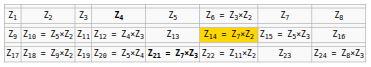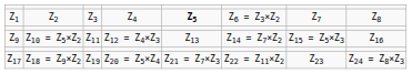 <table class="wikitable">
 <tr align=center>
 <td></td>
 <td></td>
 <td></td>
 <td></td>
 <td></td>
 <td></td>
 <td></td>
 <td></td>
 </tr>
 <tr align=center>
 <td>Z<sub>1</sub></td>
 <td>Z<sub>2</sub></td>
 <td>Z<sub>3</sub></td>
-<td><strong>Z<sub>4</sub></strong></td>
-<td>Z<sub>5</sub></td>
+<td>Z<sub>4</sub></td>
+<td><strong>Z<sub>5</sub></strong></td>
 <td>Z<sub>6</sub> = Z<sub>3</sub>×Z<sub>2</sub></td>
 <td>Z<sub>7</sub></td>
 <td>Z<sub>8</sub></td>
 </tr>
 <tr align=center>
 <td></td>
 <td></td>
 <td></td>
 <td></td>
 <td></td>
 <td></td>
 <td></td>
 <td></td>
 </tr>
 <tr align=center>
 <td>Z<sub>9</sub></td>
 <td>Z<sub>10</sub> = Z<sub>5</sub>×Z<sub>2</sub></td>
 <td>Z<sub>11</sub></td>
 <td>Z<sub>12</sub> = Z<sub>4</sub>×Z<sub>3</sub></td>
 <td>Z<sub>13</sub></td>
-<td style="background: gold;">Z<sub>14</sub> = Z<sub>7</sub>×Z<sub>2</sub></td>
+<td>Z<sub>14</sub> = Z<sub>7</sub>×Z<sub>2</sub></td>
 <td>Z<sub>15</sub> = Z<sub>5</sub>×Z<sub>3</sub></td>
 <td>Z<sub>16</sub></td>
 </tr>
 <tr align=center>
 <td></td>
 <td></td>
 <td></td>
 <td></td>
 <td></td>
 <td></td>
 <td></td>
 <td></td>
 </tr>
 <tr align=center>
 <td>Z<sub>17</sub></td>
 <td>Z<sub>18</sub> = Z<sub>9</sub>×Z<sub>2</sub></td>
 <td>Z<sub>19</sub></td>
 <td>Z<sub>20</sub> = Z<sub>5</sub>×Z<sub>4</sub></td>
-<td><strong>Z<sub>21</sub> = Z<sub>7</sub>×Z<sub>3</sub></strong></td>
+<td>Z<sub>21</sub> = Z<sub>7</sub>×Z<sub>3</sub></td>
 <td>Z<sub>22</sub> = Z<sub>11</sub>×Z<sub>2</sub></td>
 <td>Z<sub>23</sub></td>
 <td>Z<sub>24</sub> = Z<sub>8</sub>×Z<sub>3</sub></td>
 </tr>
 </table>
